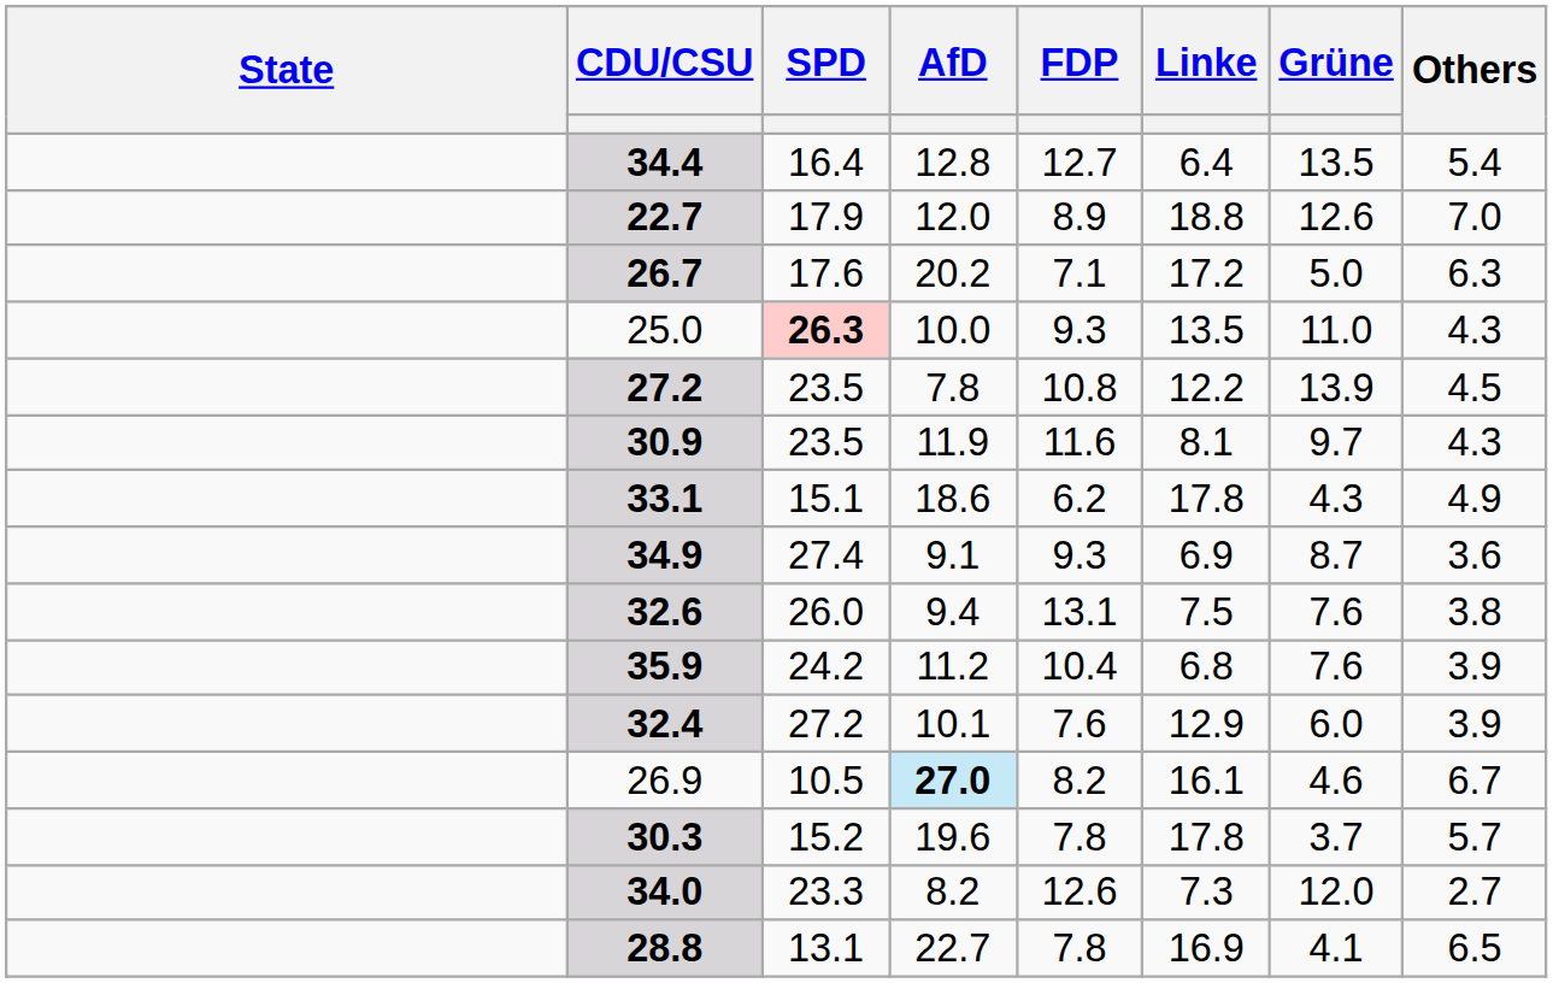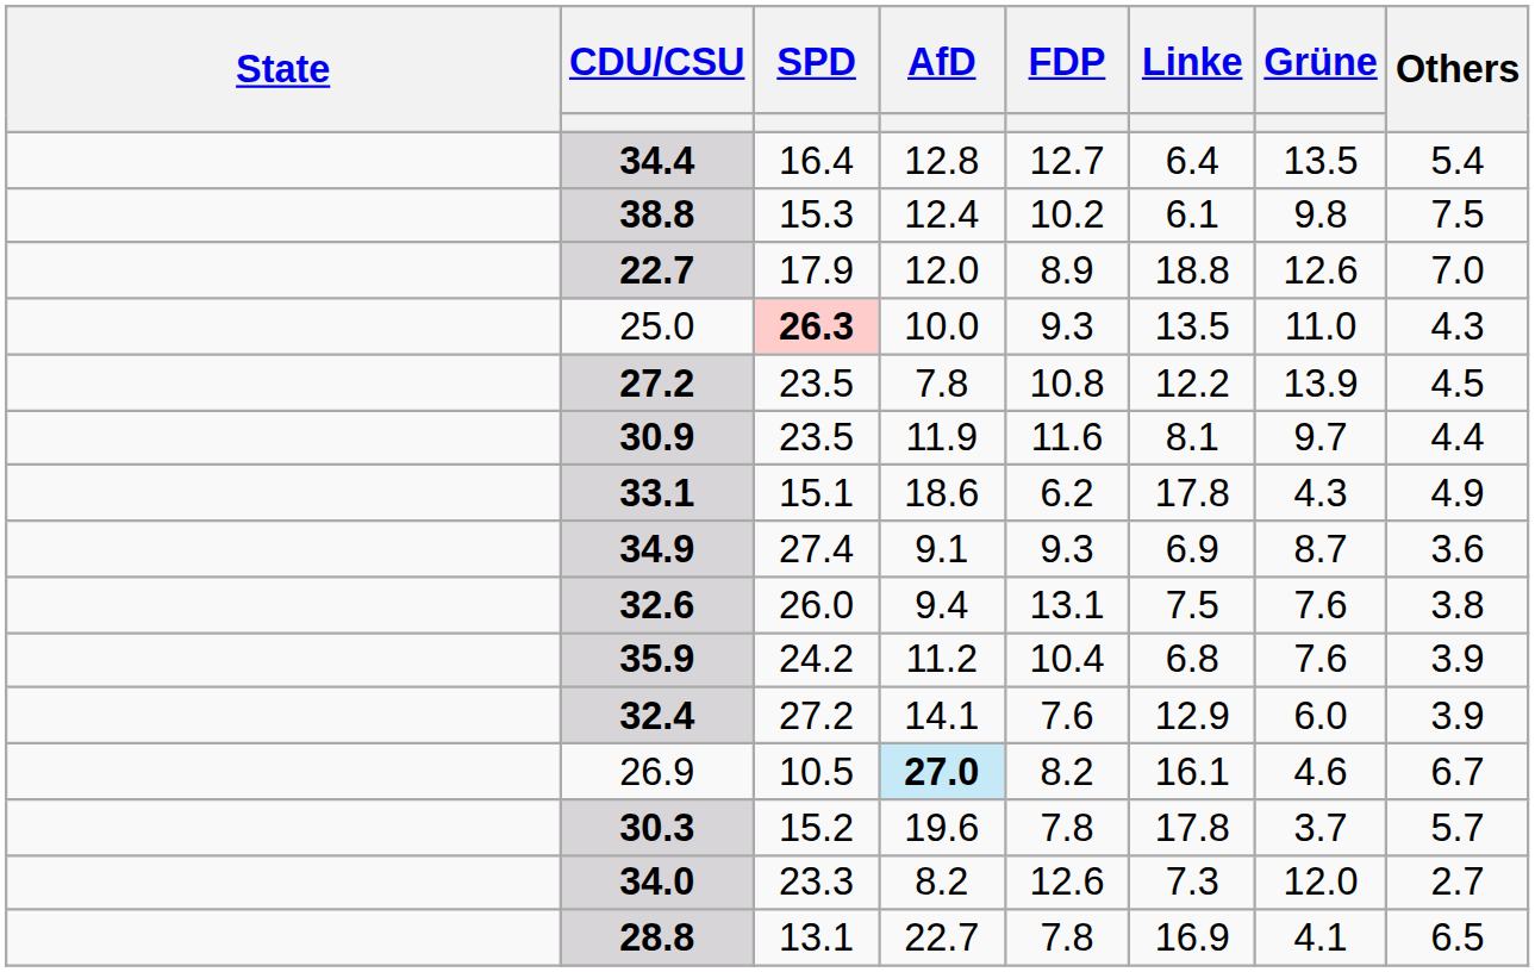 <table class="wikitable sortable" style="text-align:center;font-size:90%;line-height:14px">
 <tr style="height:40px;">
 <th class="wikitable sortable" style="width:200px;" rowspan="2"><a href='#'>State</a></th>
 <th class="wikitable sortable" style="width:40px;"><a href='#'>CDU/CSU</a></th>
 <th class="wikitable sortable" style="width:40px;"><a href='#'>SPD</a></th>
 <th class="wikitable sortable" style="width:40px;"><a href='#'>AfD</a></th>
 <th class="wikitable sortable" style="width:40px;"><a href='#'>FDP</a></th>
 <th class="wikitable sortable" style="width:40px;"><a href='#'>Linke</a></th>
 <th class="wikitable sortable" style="width:40px;"><a href='#'>Grüne</a></th>
 <th class="wikitable sortable" style="width:40px;" rowspan="2">Others</th>
 </tr>
 <tr>
 <th class="wikitable sortable" style="background:"></th>
 <th class="wikitable sortable" style="background:"></th>
 <th class="wikitable sortable" style="background:"></th>
 <th class="wikitable sortable" style="background:"></th>
 <th class="wikitable sortable" style="background:"></th>
 <th class="wikitable sortable" style="background:"></th>
 </tr>
 <tr>
 <td align="left"></td>
 <td style="background:#D7D5D7;"><strong>34.4</strong></td>
 <td>16.4</td>
 <td>12.8</td>
 <td>12.7</td>
 <td>6.4</td>
 <td>13.5</td>
 <td>5.4</td>
 </tr>
 <tr>
 <td align="left"></td>
+<td style="background:#D7D5D7;"><strong>38.8</strong></td>
+<td>15.3</td>
+<td>12.4</td>
+<td>10.2</td>
+<td>6.1</td>
+<td>9.8</td>
+<td>7.5</td>
+</tr>
+<tr>
+<td align="left"></td>
 <td style="background:#D7D5D7;"><strong>22.7</strong></td>
 <td>17.9</td>
 <td>12.0</td>
 <td>8.9</td>
 <td>18.8</td>
 <td>12.6</td>
 <td>7.0</td>
-</tr>
-<tr>
-<td align="left"> </td>
-<td style="background:#D7D5D7;"><strong>26.7</strong></td>
-<td>17.6</td>
-<td>20.2</td>
-<td>7.1</td>
-<td>17.2</td>
-<td>5.0</td>
-<td>6.3</td>
 </tr>
 <tr>
 <td align="left"></td>
 <td>25.0</td>
 <td style="background:#FFCCCC"><strong>26.3</strong></td>
 <td>10.0</td>
 <td>9.3</td>
 <td>13.5</td>
 <td>11.0</td>
 <td>4.3</td>
 </tr>
 <tr>
 <td align="left"></td>
 <td style="background:#D7D5D7;"><strong>27.2</strong></td>
 <td>23.5</td>
 <td>7.8</td>
 <td>10.8</td>
 <td>12.2</td>
 <td>13.9</td>
 <td>4.5</td>
 </tr>
 <tr>
 <td align="left"></td>
 <td style="background:#D7D5D7;"><strong>30.9</strong></td>
 <td>23.5</td>
 <td>11.9</td>
 <td>11.6</td>
 <td>8.1</td>
 <td>9.7</td>
-<td>4.3</td>
+<td>4.4</td>
 </tr>
 <tr>
 <td align="left"> </td>
 <td style="background:#D7D5D7;"><strong>33.1</strong></td>
 <td>15.1</td>
 <td>18.6</td>
 <td>6.2</td>
 <td>17.8</td>
 <td>4.3</td>
 <td>4.9</td>
 </tr>
 <tr>
 <td align="left"></td>
 <td style="background:#D7D5D7;"><strong>34.9</strong></td>
 <td>27.4</td>
 <td>9.1</td>
 <td>9.3</td>
 <td>6.9</td>
 <td>8.7</td>
 <td>3.6</td>
 </tr>
 <tr>
 <td align="left"></td>
 <td style="background:#D7D5D7;"><strong>32.6</strong></td>
 <td>26.0</td>
 <td>9.4</td>
 <td>13.1</td>
 <td>7.5</td>
 <td>7.6</td>
 <td>3.8</td>
 </tr>
 <tr>
 <td align="left"></td>
 <td style="background:#D7D5D7;"><strong>35.9</strong></td>
 <td>24.2</td>
 <td>11.2</td>
 <td>10.4</td>
 <td>6.8</td>
 <td>7.6</td>
 <td>3.9</td>
 </tr>
 <tr>
 <td align="left"></td>
 <td style="background:#D7D5D7;"><strong>32.4</strong></td>
 <td>27.2</td>
-<td>10.1</td>
+<td>14.1</td>
 <td>7.6</td>
 <td>12.9</td>
 <td>6.0</td>
 <td>3.9</td>
 </tr>
 <tr>
 <td align="left"> </td>
 <td>26.9</td>
 <td>10.5</td>
 <td style="background:#C6E9F8;"><strong>27.0</strong></td>
 <td>8.2</td>
 <td>16.1</td>
 <td>4.6</td>
 <td>6.7</td>
 </tr>
 <tr>
 <td align="left"> </td>
 <td style="background:#D7D5D7;"><strong>30.3</strong></td>
 <td>15.2</td>
 <td>19.6</td>
 <td>7.8</td>
 <td>17.8</td>
 <td>3.7</td>
 <td>5.7</td>
 </tr>
 <tr>
 <td align="left"></td>
 <td style="background:#D7D5D7;"><strong>34.0</strong></td>
 <td>23.3</td>
 <td>8.2</td>
 <td>12.6</td>
 <td>7.3</td>
 <td>12.0</td>
 <td>2.7</td>
 </tr>
 <tr>
 <td align="left"> </td>
 <td style="background:#D7D5D7;"><strong>28.8</strong></td>
 <td>13.1</td>
 <td>22.7</td>
 <td>7.8</td>
 <td>16.9</td>
 <td>4.1</td>
 <td>6.5</td>
 </tr>
 </table>
